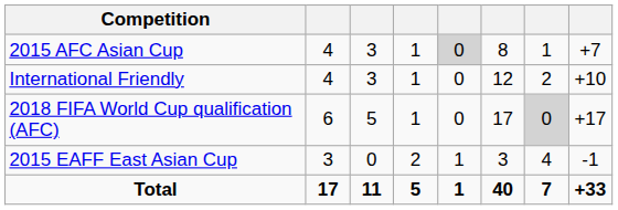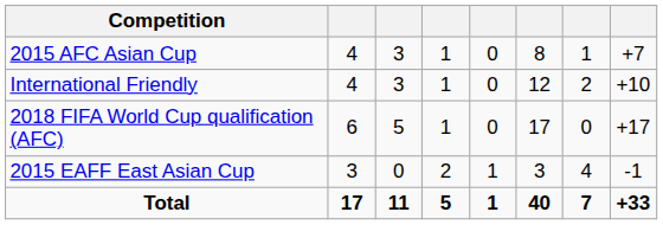 <table class="wikitable" style="text-align: center;">
 <tr>
 <th width=250>Competition</th>
 <th width=30></th>
 <th width=30></th>
 <th width=30></th>
 <th width=30></th>
 <th width=30></th>
 <th width=30></th>
 <th width=30></th>
 </tr>
 <tr>
 <td align=left><a href='#'>2015 AFC Asian Cup</a></td>
 <td>4</td>
 <td>3</td>
 <td>1</td>
-<td style="background: lightgrey;">0</td>
+<td>0</td>
 <td>8</td>
 <td>1</td>
 <td>+7</td>
 </tr>
 <tr>
 <td align=left><a href='#'>International Friendly</a></td>
 <td>4</td>
 <td>3</td>
 <td>1</td>
 <td>0</td>
 <td>12</td>
 <td>2</td>
 <td>+10</td>
 </tr>
 <tr>
 <td align=left><a href='#'>2018 FIFA World Cup qualification (AFC)</a></td>
 <td>6</td>
 <td>5</td>
 <td>1</td>
 <td>0</td>
 <td>17</td>
-<td style="background: lightgrey;">0</td>
+<td>0</td>
 <td>+17</td>
 </tr>
 <tr>
 <td align=left><a href='#'>2015 EAFF East Asian Cup</a></td>
 <td>3</td>
 <td>0</td>
 <td>2</td>
 <td>1</td>
 <td>3</td>
 <td>4</td>
 <td>-1</td>
 </tr>
 <tr>
 <td><strong>Total</strong></td>
 <td><strong>17</strong></td>
 <td><strong>11</strong></td>
 <td><strong>5</strong></td>
 <td><strong>1</strong></td>
 <td><strong>40</strong></td>
 <td><strong>7</strong></td>
 <td><strong>+33</strong></td>
 </tr>
 </table>
